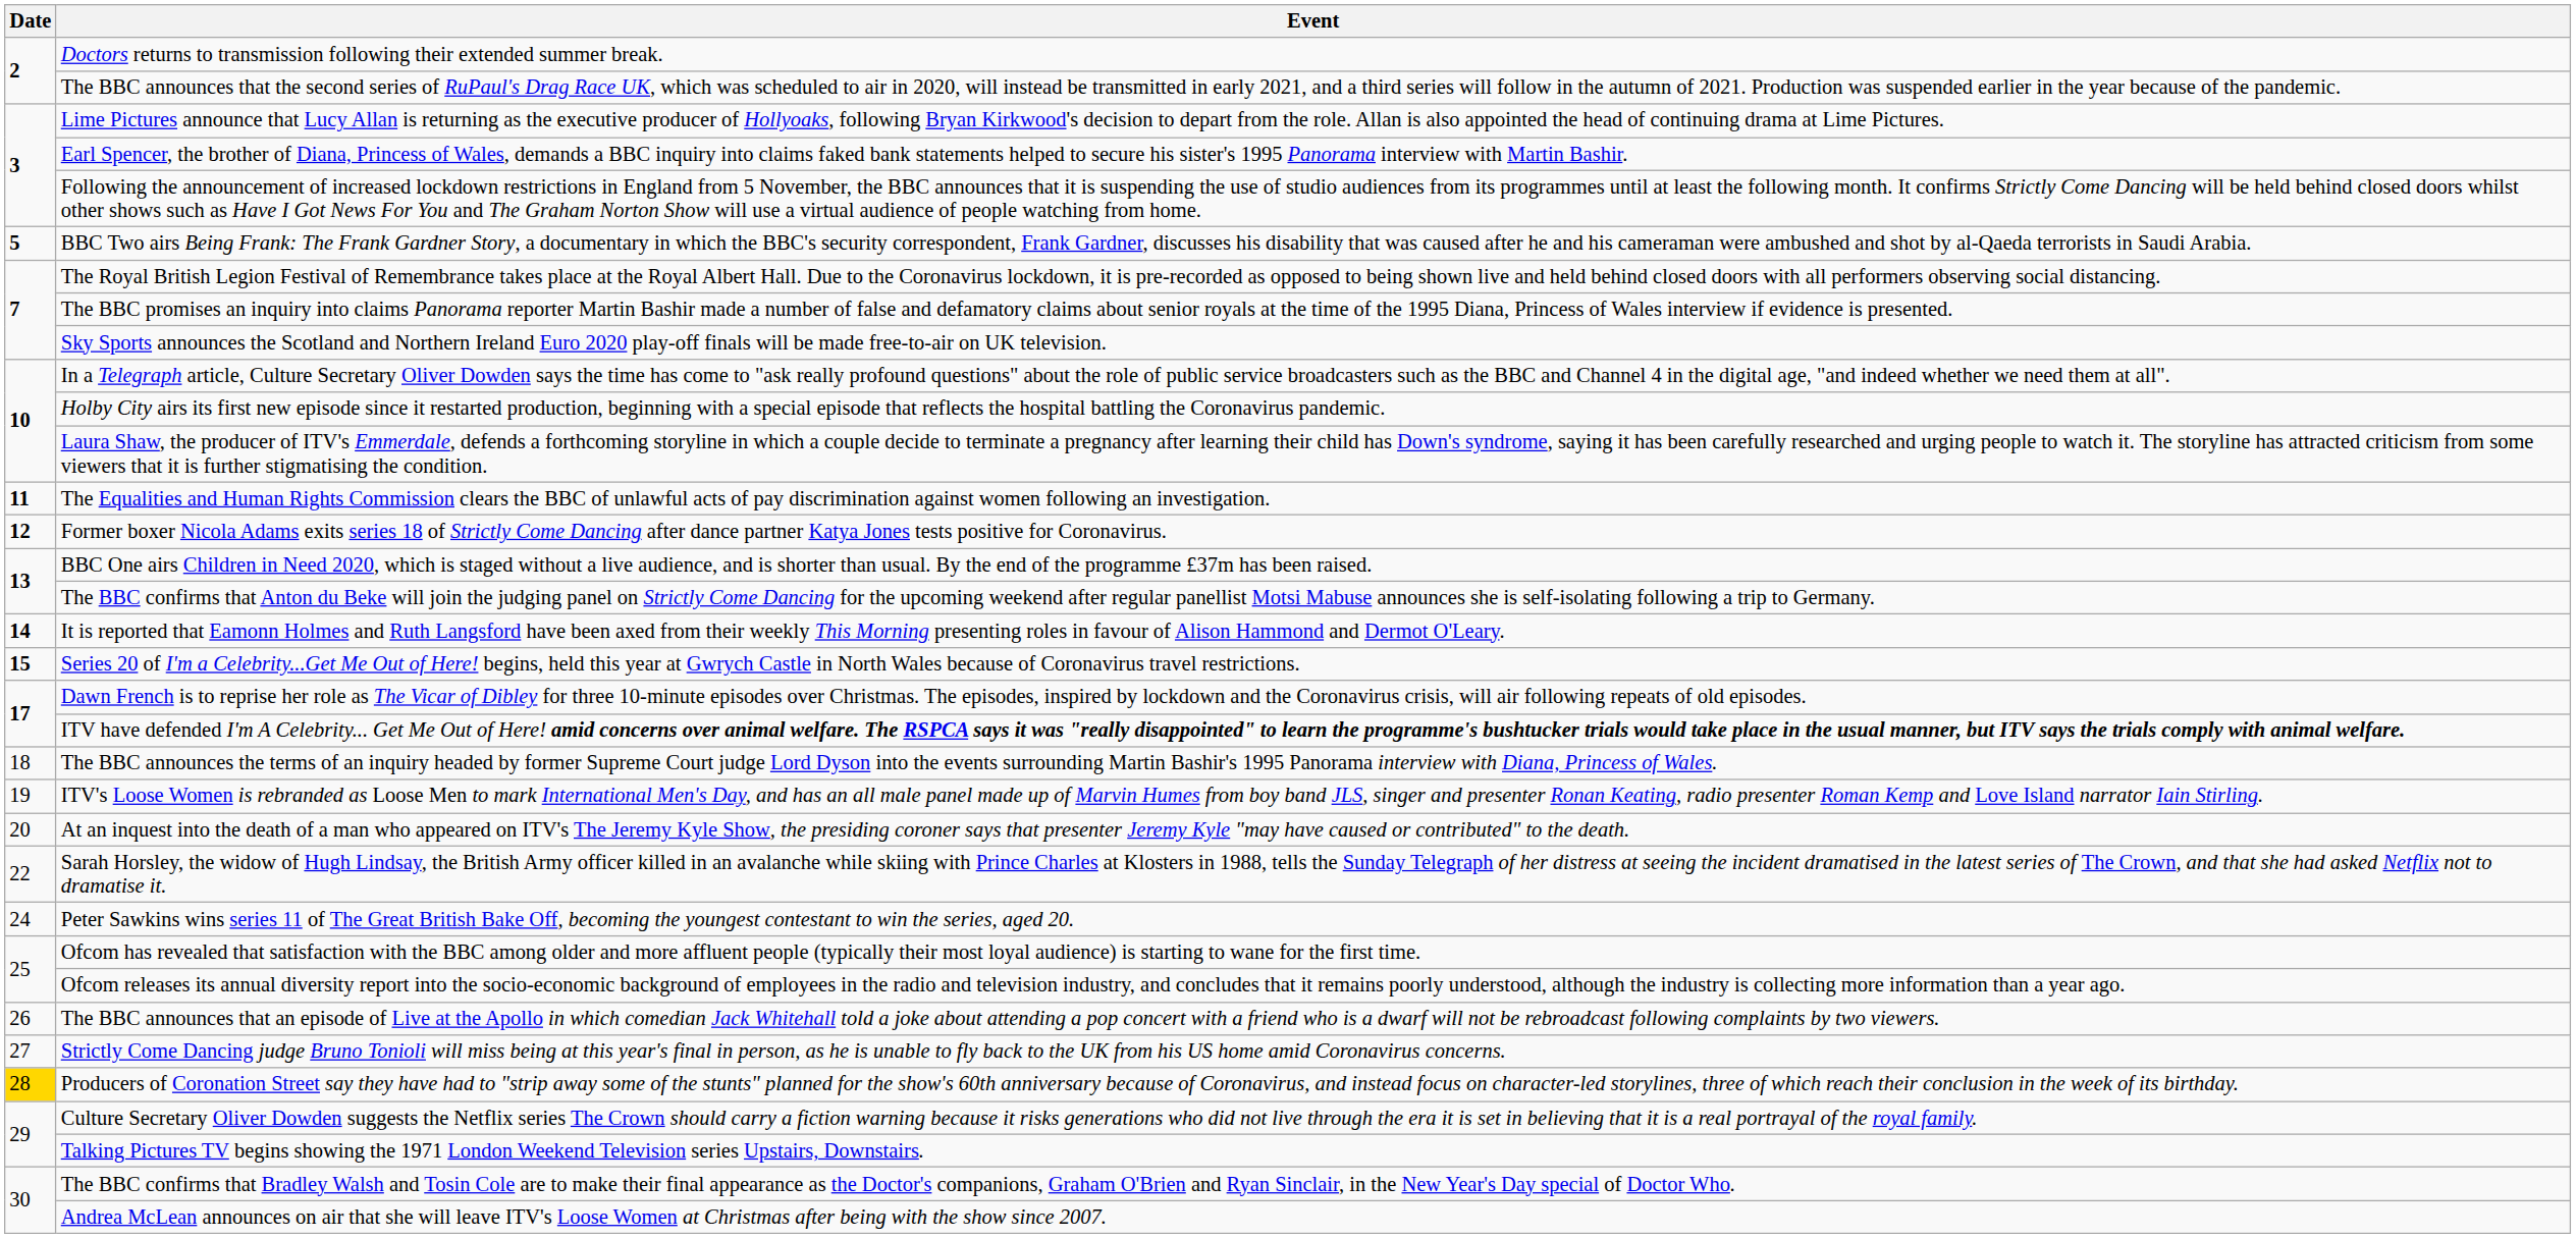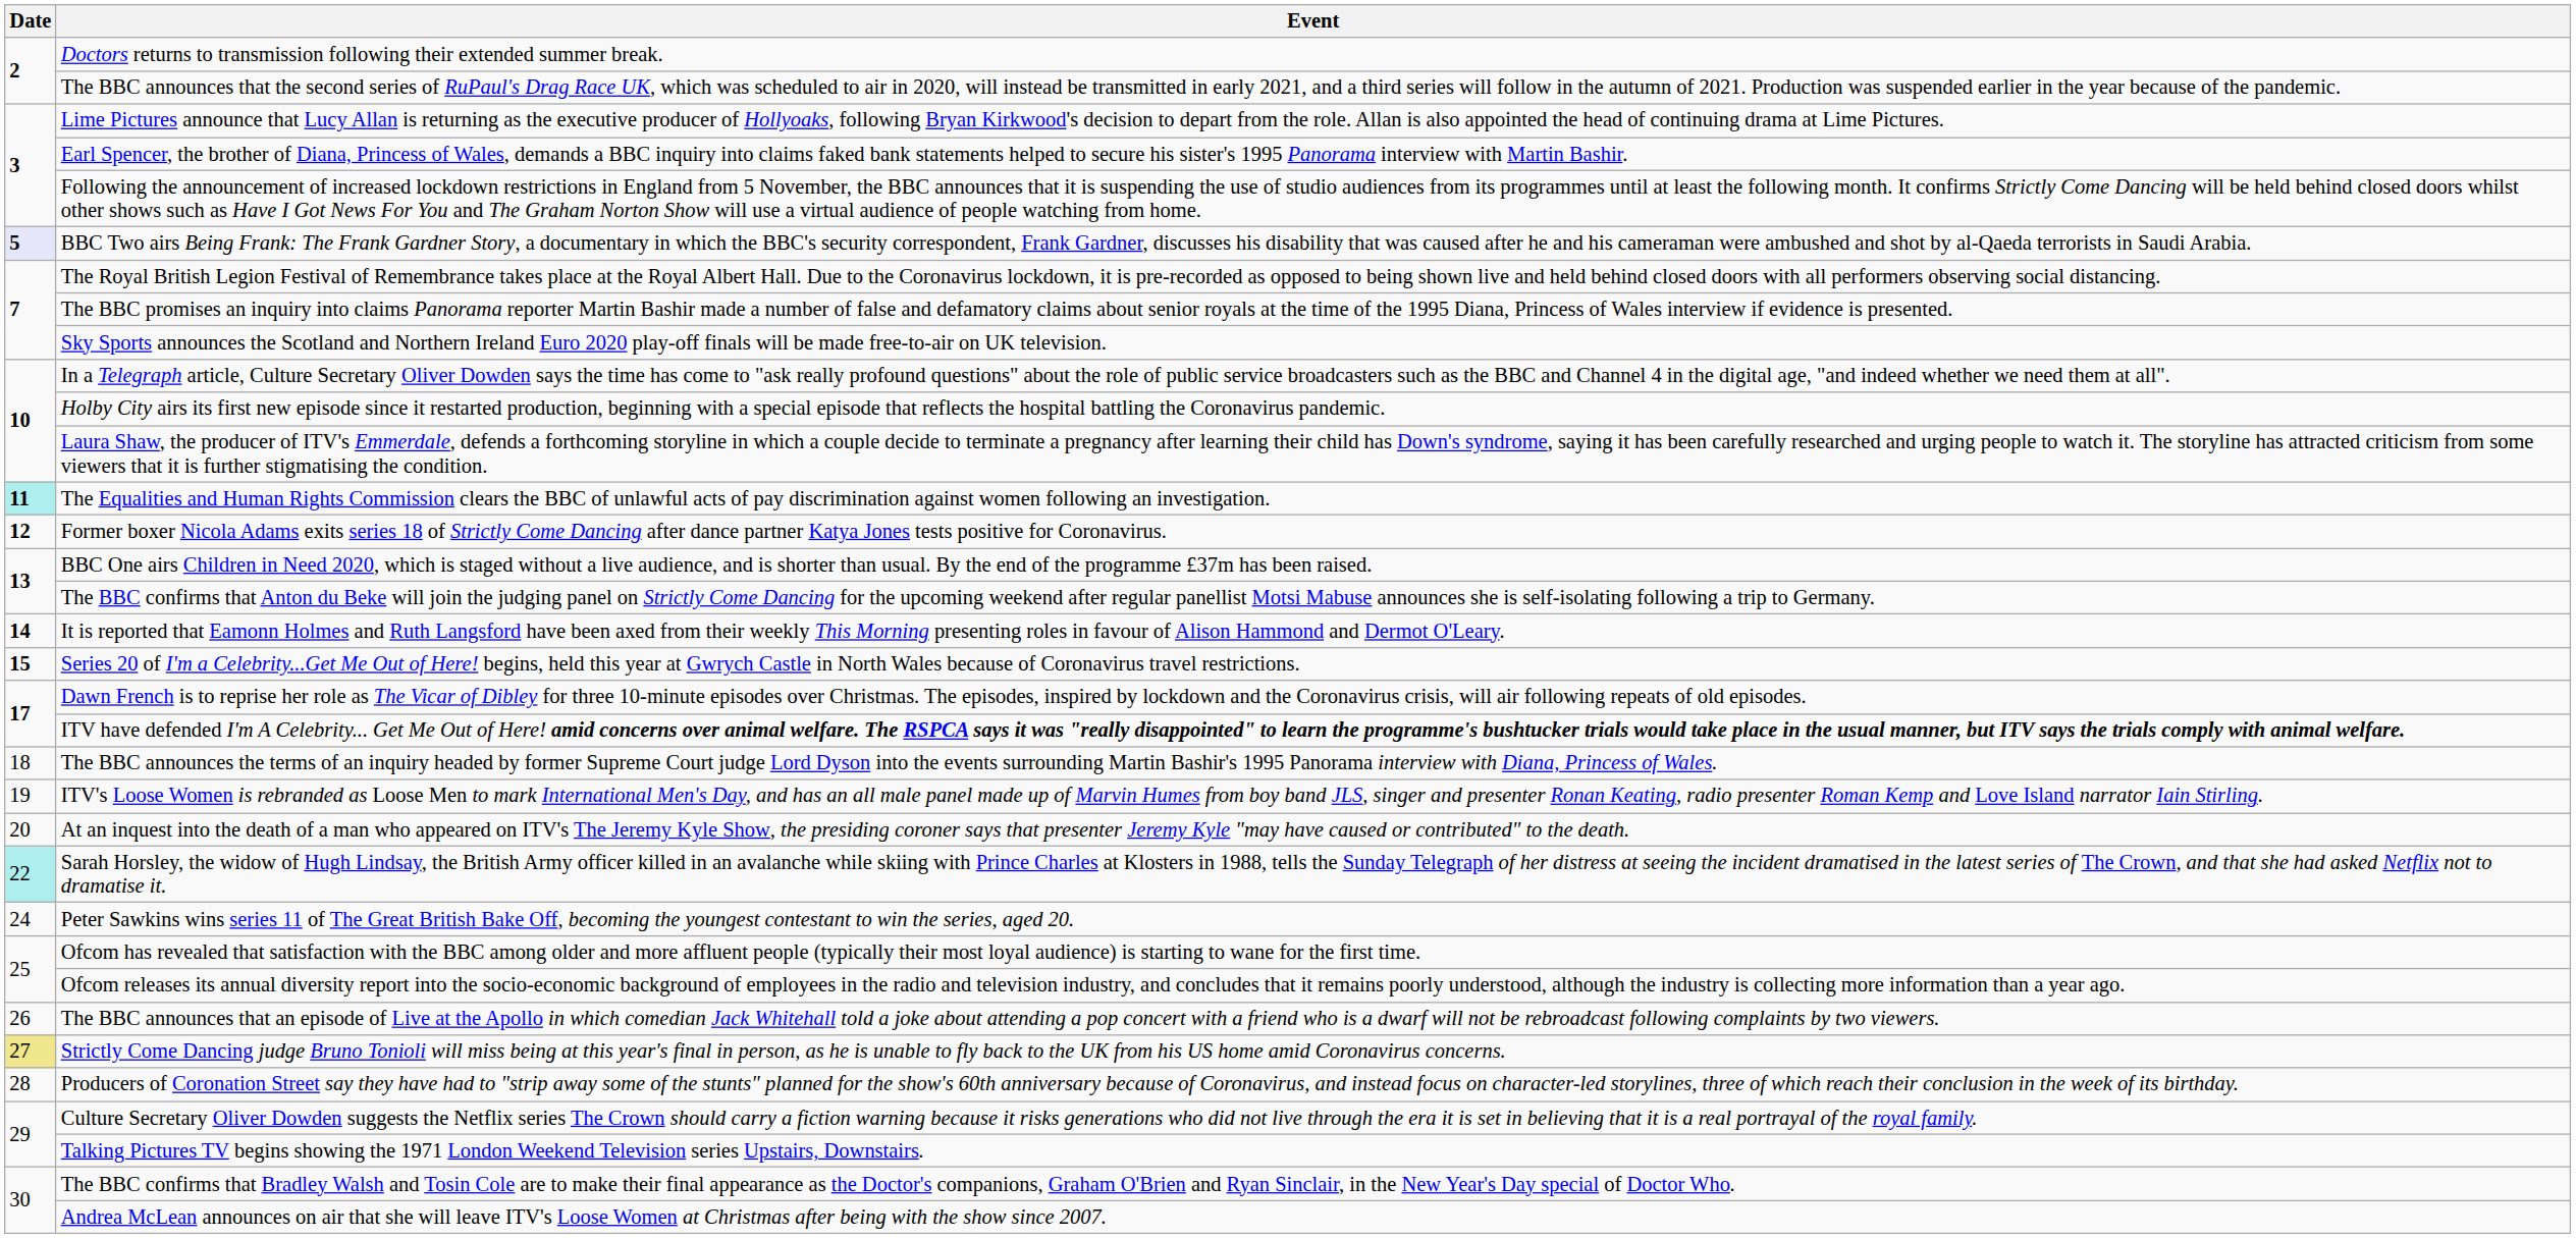 <table class="wikitable">
 <tr>
 <th>Date</th>
 <th>Event</th>
 </tr>
 <tr>
 <td rowspan=2><strong>2</strong></td>
 <td><em><a href='#'>Doctors</a></em> returns to transmission following their extended summer break.</td>
 </tr>
 <tr>
 <td>The BBC announces that the second series of  <em><a href='#'>RuPaul's Drag Race UK</a></em>, which was scheduled to air in 2020, will instead be transmitted in early 2021, and a third series will follow in the autumn of 2021. Production was suspended earlier in the year because of the pandemic.</td>
 </tr>
 <tr>
 <td rowspan=3><strong>3</strong></td>
 <td><a href='#'>Lime Pictures</a> announce that <a href='#'>Lucy Allan</a> is returning as the executive producer of <em><a href='#'>Hollyoaks</a></em>, following <a href='#'>Bryan Kirkwood</a>'s decision to depart from the role. Allan is also appointed the head of continuing drama at Lime Pictures.</td>
 </tr>
 <tr>
 <td><a href='#'>Earl Spencer</a>, the brother of <a href='#'>Diana, Princess of Wales</a>, demands a BBC inquiry into claims faked bank statements helped to secure his sister's 1995 <em><a href='#'>Panorama</a></em> interview with <a href='#'>Martin Bashir</a>.</td>
 </tr>
 <tr>
 <td>Following the announcement of increased lockdown restrictions in England from 5 November, the BBC announces that it is suspending the use of studio audiences from its programmes until at least the following month. It confirms <em>Strictly Come Dancing</em> will be held behind closed doors whilst other shows such as <em>Have I Got News For You</em> and <em>The Graham Norton Show</em> will use a virtual audience of people watching from home.</td>
 </tr>
 <tr>
-<td><strong>5</strong></td>
+<td style="background: lavender;"><strong>5</strong></td>
 <td>BBC Two airs <em>Being Frank: The Frank Gardner Story</em>, a documentary in which the BBC's security correspondent, <a href='#'>Frank Gardner</a>, discusses his disability that was caused after he and his cameraman were ambushed and shot by al-Qaeda terrorists in Saudi Arabia.</td>
 </tr>
 <tr>
 <td rowspan=3><strong>7</strong></td>
 <td>The Royal British Legion Festival of Remembrance takes place at the Royal Albert Hall. Due to the Coronavirus lockdown, it is pre-recorded as opposed to being shown live and held behind closed doors with all performers observing social distancing.</td>
 </tr>
 <tr>
 <td>The BBC promises an inquiry into claims <em>Panorama</em> reporter Martin Bashir made a number of false and defamatory claims about senior royals at the time of the 1995 Diana, Princess of Wales interview if evidence is presented.</td>
 </tr>
 <tr>
 <td><a href='#'>Sky Sports</a> announces the Scotland and Northern Ireland <a href='#'>Euro 2020</a> play-off finals will be made free-to-air on UK television.</td>
 </tr>
 <tr>
 <td rowspan=3><strong>10</strong></td>
 <td>In a <em><a href='#'>Telegraph</a></em> article, Culture Secretary <a href='#'>Oliver Dowden</a> says the time has come to "ask really profound questions" about the role of public service broadcasters such as the BBC and Channel 4 in the digital age, "and indeed whether we need them at all".</td>
 </tr>
 <tr>
 <td><em>Holby City</em> airs its first new episode since it restarted production, beginning with a special episode that reflects the hospital battling the Coronavirus pandemic.</td>
 </tr>
 <tr>
 <td><a href='#'>Laura Shaw</a>, the producer of ITV's <em><a href='#'>Emmerdale</a></em>, defends a forthcoming storyline in which a couple decide to terminate a pregnancy after learning their child has <a href='#'>Down's syndrome</a>, saying it has been carefully researched and urging people to watch it. The storyline has attracted criticism from some viewers that it is further stigmatising the condition.</td>
 </tr>
 <tr>
-<td><strong>11</strong></td>
+<td style="background: paleturquoise;"><strong>11</strong></td>
 <td>The <a href='#'>Equalities and Human Rights Commission</a> clears the BBC of unlawful acts of pay discrimination against women following an investigation.</td>
 </tr>
 <tr>
 <td><strong>12</strong></td>
 <td>Former boxer <a href='#'>Nicola Adams</a> exits <a href='#'>series 18</a> of <em><a href='#'>Strictly Come Dancing</a></em> after dance partner <a href='#'>Katya Jones</a> tests positive for Coronavirus.</td>
 </tr>
 <tr>
 <td rowspan=2><strong>13</strong></td>
 <td>BBC One airs <a href='#'>Children in Need 2020</a>, which is staged without a live audience, and is shorter than usual. By the end of the programme £37m has been raised.</td>
 </tr>
 <tr>
 <td>The <a href='#'>BBC</a> confirms that <a href='#'>Anton du Beke</a> will join the judging panel on <em><a href='#'>Strictly Come Dancing</a></em> for the upcoming weekend after regular panellist <a href='#'>Motsi Mabuse</a> announces she is self-isolating following a trip to Germany.</td>
 </tr>
 <tr>
 <td><strong>14</strong></td>
 <td>It is reported that <a href='#'>Eamonn Holmes</a> and <a href='#'>Ruth Langsford</a> have been axed from their weekly <em><a href='#'>This Morning</a></em> presenting roles in favour of <a href='#'>Alison Hammond</a> and <a href='#'>Dermot O'Leary</a>.</td>
 </tr>
 <tr>
 <td><strong>15</strong></td>
 <td><a href='#'>Series 20</a> of <em><a href='#'>I'm a Celebrity...Get Me Out of Here!</a></em> begins, held this year at <a href='#'>Gwrych Castle</a> in North Wales because of Coronavirus travel restrictions.</td>
 </tr>
 <tr>
 <td rowspan=2><strong>17</strong></td>
 <td><a href='#'>Dawn French</a> is to reprise her role as <em><a href='#'>The Vicar of Dibley</a></em> for three 10-minute episodes over Christmas. The episodes, inspired by lockdown and the Coronavirus crisis, will air following repeats of old episodes.</td>
 </tr>
 <tr>
 <td>ITV have defended <em>I'm A Celebrity... Get Me Out of Here!<strong> amid concerns over animal welfare. The <a href='#'>RSPCA</a> says it was "really disappointed" to learn the programme's bushtucker trials would take place in the usual manner, but ITV says the trials comply with animal welfare.</td>
 </tr>
 <tr>
 <td></strong>18<strong></td>
 <td>The BBC announces the terms of an inquiry headed by former Supreme Court judge <a href='#'>Lord Dyson</a> into the events surrounding Martin Bashir's 1995 </em>Panorama<em> interview with <a href='#'>Diana, Princess of Wales</a>.</td>
 </tr>
 <tr>
 <td></strong>19<strong></td>
 <td>ITV's </em><a href='#'>Loose Women</a><em> is rebranded as </em>Loose Men<em> to mark <a href='#'>International Men's Day</a>, and has an all male panel made up of <a href='#'>Marvin Humes</a> from boy band <a href='#'>JLS</a>, singer and presenter <a href='#'>Ronan Keating</a>, radio presenter <a href='#'>Roman Kemp</a> and </em><a href='#'>Love Island</a><em> narrator <a href='#'>Iain Stirling</a>.</td>
 </tr>
 <tr>
 <td></strong>20<strong></td>
 <td>At an inquest into the death of a man who appeared on ITV's </em><a href='#'>The Jeremy Kyle Show</a><em>, the presiding coroner says that presenter <a href='#'>Jeremy Kyle</a> "may have caused or contributed" to the death.</td>
 </tr>
 <tr>
-<td></strong>22<strong></td>
+<td style="background: paleturquoise;"></strong>22<strong></td>
 <td>Sarah Horsley, the widow of <a href='#'>Hugh Lindsay</a>, the British Army officer killed in an avalanche while skiing with <a href='#'>Prince Charles</a> at Klosters in 1988, tells the </em><a href='#'>Sunday Telegraph</a><em> of her distress at seeing the incident dramatised in the latest series of </em><a href='#'>The Crown</a><em>, and that she had asked <a href='#'>Netflix</a> not to dramatise it.</td>
 </tr>
 <tr>
 <td></strong>24<strong></td>
 <td>Peter Sawkins wins <a href='#'>series 11</a> of </em><a href='#'>The Great British Bake Off</a><em>, becoming the youngest contestant to win the series, aged 20.</td>
 </tr>
 <tr>
 <td rowspan=2></strong>25<strong></td>
 <td>Ofcom has revealed that satisfaction with the BBC among older and more affluent people (typically their most loyal audience) is starting to wane for the first time.</td>
 </tr>
 <tr>
 <td>Ofcom releases its annual diversity report into the socio-economic background of employees in the radio and television industry, and concludes that it remains poorly understood, although the industry is collecting more information than a year ago.</td>
 </tr>
 <tr>
 <td></strong>26<strong></td>
 <td>The BBC announces that an episode of </em><a href='#'>Live at the Apollo</a><em> in which comedian <a href='#'>Jack Whitehall</a> told a joke about attending a pop concert with a friend who is a dwarf will not be rebroadcast following complaints by two viewers.</td>
 </tr>
 <tr>
-<td></strong>27<strong></td>
+<td style="background: khaki;"></strong>27<strong></td>
 <td></em><a href='#'>Strictly Come Dancing</a><em> judge <a href='#'>Bruno Tonioli</a> will miss being at this year's final in person, as he is unable to fly back to the UK from his US home amid Coronavirus concerns.</td>
 </tr>
 <tr>
-<td style="background: gold;"></strong>28<strong></td>
+<td></strong>28<strong></td>
 <td>Producers of </em><a href='#'>Coronation Street</a><em> say they have had to "strip away some of the stunts" planned for the show's 60th anniversary because of Coronavirus, and instead focus on character-led storylines, three of which reach their conclusion in the week of its birthday.</td>
 </tr>
 <tr>
 <td rowspan=2></strong>29<strong></td>
 <td>Culture Secretary <a href='#'>Oliver Dowden</a> suggests the Netflix series </em><a href='#'>The Crown</a><em> should carry a fiction warning because it risks generations who did not live through the era it is set in believing that it is a real portrayal of the <a href='#'>royal family</a>.</td>
 </tr>
 <tr>
 <td><a href='#'>Talking Pictures TV</a> begins showing the 1971 <a href='#'>London Weekend Television</a> series </em><a href='#'>Upstairs, Downstairs</a><em>.</td>
 </tr>
 <tr>
 <td rowspan=2></strong>30<strong></td>
 <td>The BBC confirms that <a href='#'>Bradley Walsh</a> and <a href='#'>Tosin Cole</a> are to make their final appearance as <a href='#'>the Doctor's</a> companions, <a href='#'>Graham O'Brien</a> and <a href='#'>Ryan Sinclair</a>, in the <a href='#'>New Year's Day special</a> of </em><a href='#'>Doctor Who</a><em>.</td>
 </tr>
 <tr>
 <td><a href='#'>Andrea McLean</a> announces on air that she will leave ITV's </em><a href='#'>Loose Women</a><em> at Christmas after being with the show since 2007.</td>
 </tr>
 </table>
